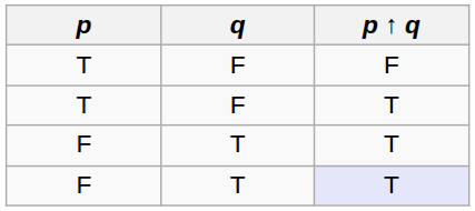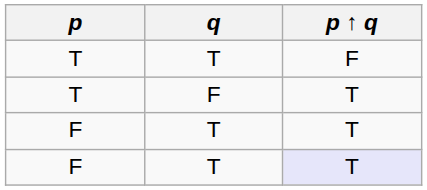 <table class="wikitable" style="margin:1em auto; text-align:center;">
 <tr>
 <th style="width:15%"><em>p</em></th>
 <th style="width:15%"><em>q</em></th>
 <th style="width:15%"><em>p</em> ↑ <em>q</em></th>
 </tr>
 <tr>
 <td>T</td>
-<td>F</td>
+<td>T</td>
 <td>F</td>
 </tr>
 <tr>
 <td>T</td>
 <td>F</td>
 <td>T</td>
 </tr>
 <tr>
 <td>F</td>
 <td>T</td>
 <td>T</td>
 </tr>
 <tr>
 <td>F</td>
 <td>T</td>
 <td style="background: lavender;">T</td>
 </tr>
 </table>
